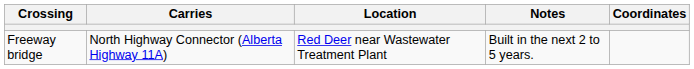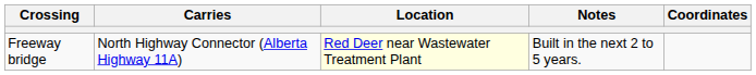 <table class=wikitable>
 <tr>
 <th>Crossing</th>
 <th>Carries</th>
 <th>Location</th>
 <th>Notes</th>
 <th>Coordinates</th>
 </tr>
 <tr>
 <th colspan=5></th>
 </tr>
 <tr>
 <td>Freeway bridge</td>
 <td>North Highway Connector (<a href='#'>Alberta Highway 11A</a>)</td>
-<td><a href='#'>Red Deer</a> near Wastewater Treatment Plant</td>
+<td style="background: lightyellow;"><a href='#'>Red Deer</a> near Wastewater Treatment Plant</td>
 <td>Built in the next 2 to 5 years.</td>
 <td></td>
 </tr>
 </table>
